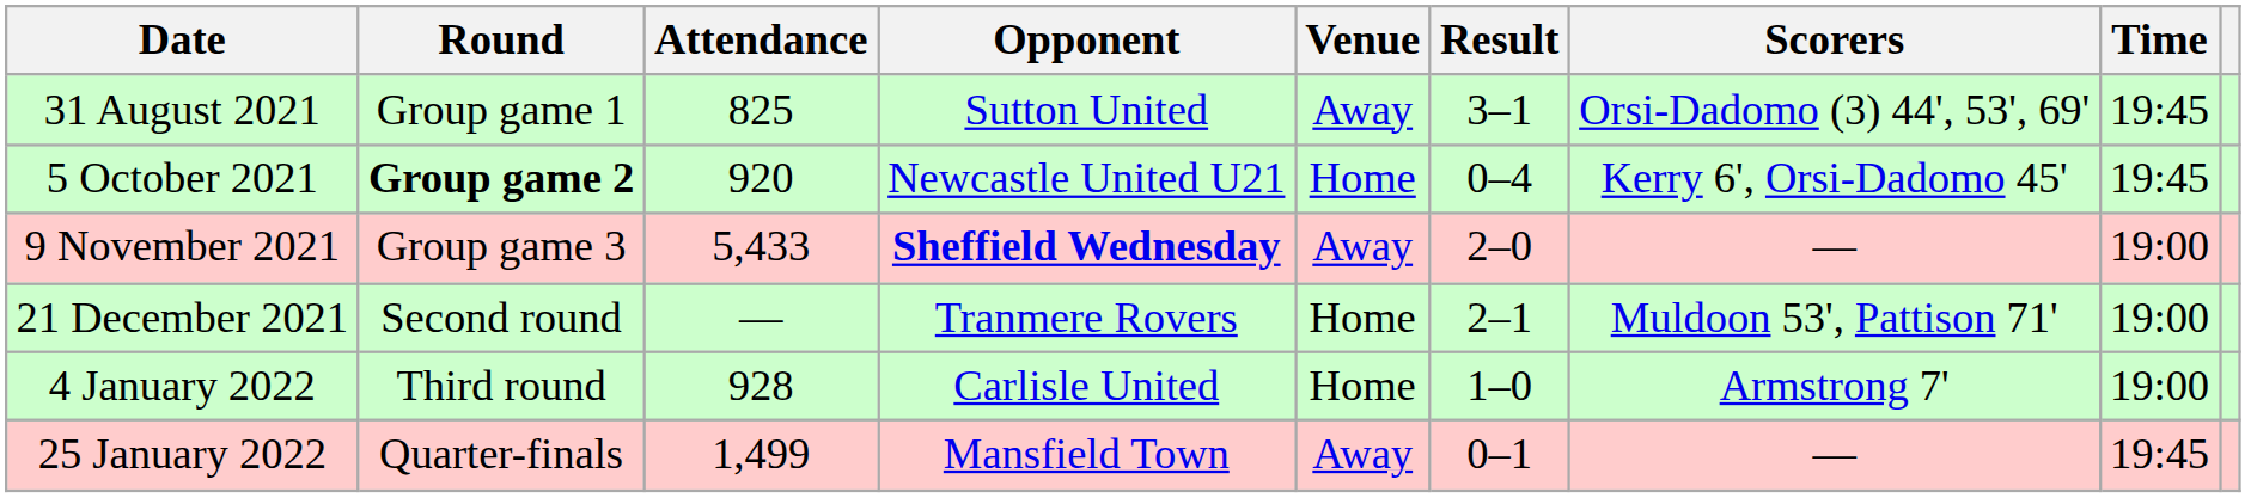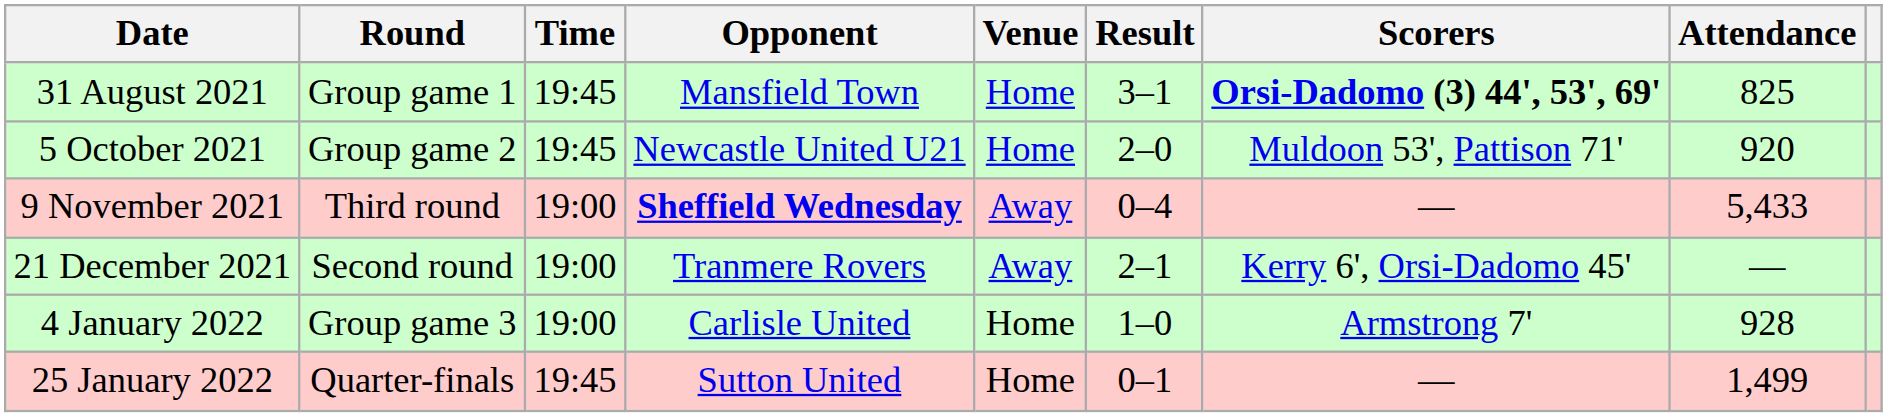 <table class="wikitable sortable" style="text-align:center">
 <tr>
 <th>Date</th>
 <th>Round</th>
-<th>Attendance</th>
+<th>Time</th>
 <th>Opponent</th>
 <th>Venue</th>
 <th>Result</th>
 <th class="unsortable">Scorers</th>
-<th>Time</th>
+<th>Attendance</th>
 <th class="unsortable"></th>
 </tr>
 <tr bgcolor="#ccffcc">
 <td>31 August 2021</td>
 <td>Group game 1</td>
+<td>19:45</td>
+<td><a href='#'>Mansfield Town</a></td>
+<td><a href='#'>Home</a></td>
+<td>3–1</td>
+<td><strong><a href='#'>Orsi-Dadomo</a> (3) 44', 53', 69'</strong></td>
 <td>825</td>
-<td><a href='#'>Sutton United</a></td>
-<td><a href='#'>Away</a></td>
-<td>3–1</td>
-<td><a href='#'>Orsi-Dadomo</a> (3) 44', 53', 69'</td>
-<td>19:45</td>
 <td></td>
 </tr>
 <tr bgcolor="#ccffcc">
 <td>5 October 2021</td>
-<td><strong>Group game 2</strong></td>
-<td>920</td>
+<td>Group game 2</td>
+<td>19:45</td>
 <td><a href='#'>Newcastle United U21</a></td>
 <td><a href='#'>Home</a></td>
-<td>0–4</td>
-<td><a href='#'>Kerry</a> 6', <a href='#'>Orsi-Dadomo</a> 45'</td>
-<td>19:45</td>
+<td>2–0</td>
+<td><a href='#'>Muldoon</a> 53', <a href='#'>Pattison</a> 71'</td>
+<td>920</td>
 <td></td>
 </tr>
 <tr bgcolor="#ffcccc">
 <td>9 November 2021</td>
-<td>Group game 3</td>
-<td>5,433</td>
+<td>Third round</td>
+<td>19:00</td>
 <td><strong><a href='#'>Sheffield Wednesday</a></strong></td>
 <td><a href='#'>Away</a></td>
-<td>2–0</td>
+<td>0–4</td>
 <td>—</td>
-<td>19:00</td>
+<td>5,433</td>
 <td></td>
 </tr>
 <tr bgcolor="#ccffcc">
 <td>21 December 2021</td>
 <td>Second round</td>
+<td>19:00</td>
+<td><a href='#'>Tranmere Rovers</a></td>
+<td><a href='#'>Away</a></td>
+<td>2–1</td>
+<td><a href='#'>Kerry</a> 6', <a href='#'>Orsi-Dadomo</a> 45'</td>
 <td>—</td>
-<td><a href='#'>Tranmere Rovers</a></td>
-<td>Home</td>
-<td>2–1</td>
-<td><a href='#'>Muldoon</a> 53', <a href='#'>Pattison</a> 71'</td>
-<td>19:00</td>
 <td></td>
 </tr>
 <tr bgcolor="#ccffcc">
 <td>4 January 2022</td>
-<td>Third round</td>
-<td>928</td>
+<td>Group game 3</td>
+<td>19:00</td>
 <td><a href='#'>Carlisle United</a></td>
 <td>Home</td>
 <td>1–0</td>
 <td><a href='#'>Armstrong</a> 7'</td>
-<td>19:00</td>
+<td>928</td>
 <td></td>
 </tr>
 <tr bgcolor="#ffcccc">
 <td>25 January 2022</td>
 <td>Quarter-finals</td>
-<td>1,499</td>
-<td><a href='#'>Mansfield Town</a></td>
-<td><a href='#'>Away</a></td>
+<td>19:45</td>
+<td><a href='#'>Sutton United</a></td>
+<td>Home</td>
 <td>0–1</td>
 <td>—</td>
-<td>19:45</td>
+<td>1,499</td>
 <td></td>
 </tr>
 </table>
